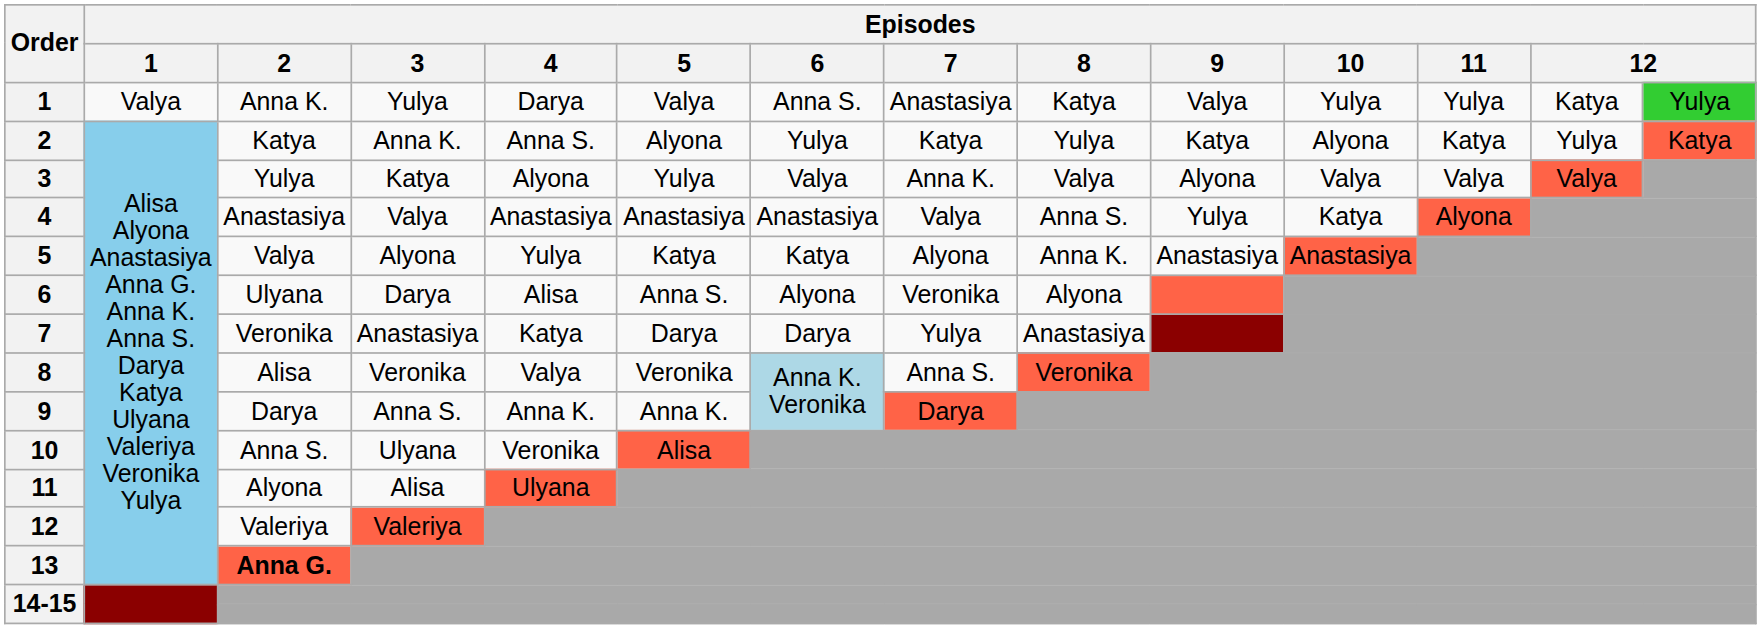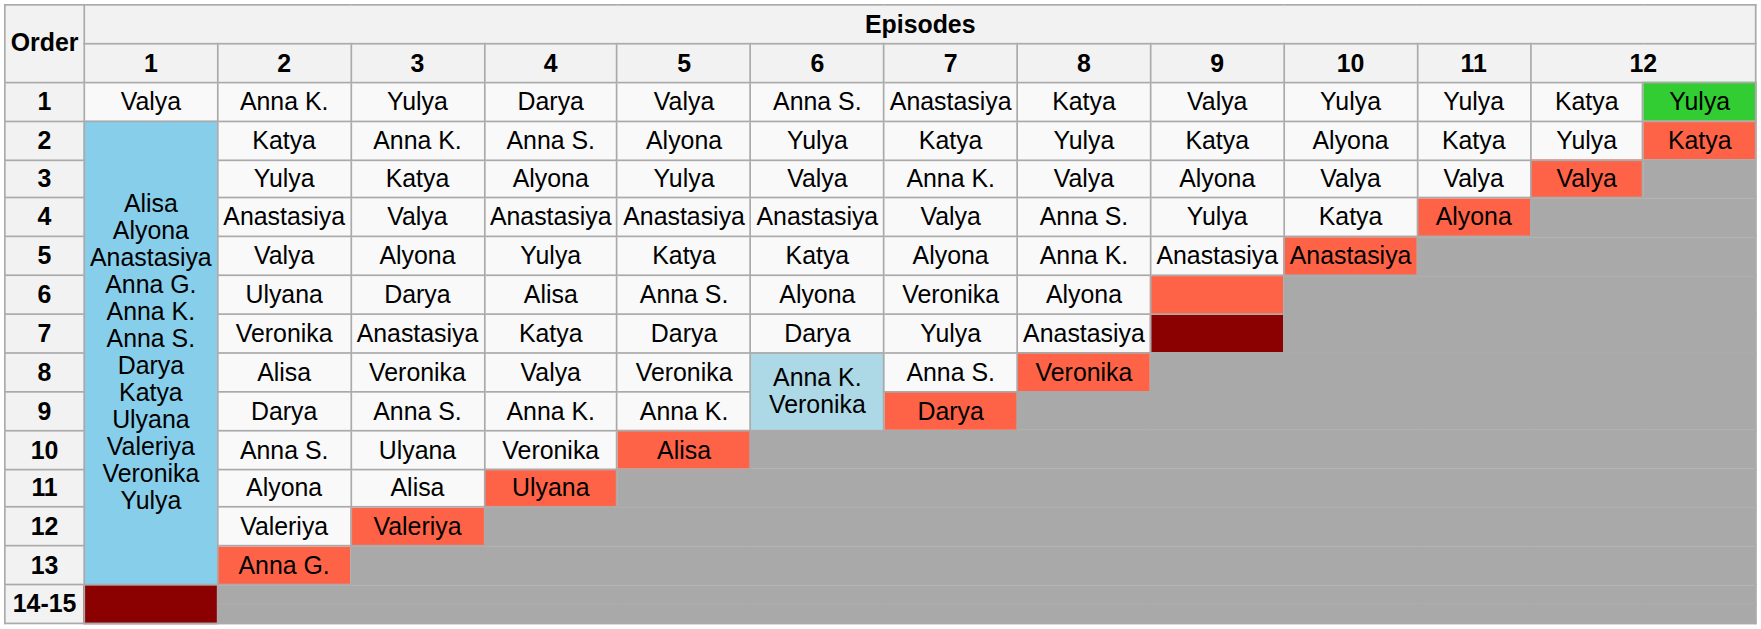 <table class="wikitable" style="text-align:center; font-size:92%">
 <tr>
 <th rowspan=2>Order</th>
 <th colspan=14>Episodes</th>
 </tr>
 <tr>
 <th>1</th>
 <th>2</th>
 <th>3</th>
 <th>4</th>
 <th>5</th>
 <th>6</th>
 <th>7</th>
 <th>8</th>
 <th>9</th>
 <th>10</th>
 <th width="60">11</th>
 <th colspan="2">12</th>
 </tr>
 <tr>
 <th>1</th>
 <td>Valya</td>
 <td>Anna K.</td>
 <td>Yulya</td>
 <td>Darya</td>
 <td>Valya</td>
 <td>Anna S.</td>
 <td>Anastasiya</td>
 <td>Katya</td>
 <td>Valya</td>
 <td>Yulya</td>
 <td>Yulya</td>
 <td>Katya</td>
 <td width="60" bgcolor="limegreen">Yulya</td>
 </tr>
 <tr>
 <th>2</th>
 <td rowspan="12" bgcolor="skyblue">Alisa <br> Alyona <br> Anastasiya <br> Anna G. <br> Anna K. <br> Anna S. <br> Darya <br>Katya <br>Ulyana <br>Valeriya <br> Veronika <br> Yulya</td>
 <td>Katya</td>
 <td>Anna K.</td>
 <td>Anna S.</td>
 <td>Alyona</td>
 <td>Yulya</td>
 <td>Katya</td>
 <td>Yulya</td>
 <td>Katya</td>
 <td>Alyona</td>
 <td>Katya</td>
 <td>Yulya</td>
 <td bgcolor="tomato">Katya</td>
 </tr>
 <tr>
 <th>3</th>
 <td>Yulya</td>
 <td>Katya</td>
 <td>Alyona</td>
 <td>Yulya</td>
 <td>Valya</td>
 <td>Anna K.</td>
 <td>Valya</td>
 <td>Alyona</td>
 <td>Valya</td>
 <td>Valya</td>
 <td width="60" bgcolor="tomato">Valya</td>
 <td style="background:darkgray;" colspan="15"></td>
 </tr>
 <tr>
 <th>4</th>
 <td>Anastasiya</td>
 <td>Valya</td>
 <td>Anastasiya</td>
 <td>Anastasiya</td>
 <td>Anastasiya</td>
 <td>Valya</td>
 <td>Anna S.</td>
 <td>Yulya</td>
 <td>Katya</td>
 <td bgcolor="tomato">Alyona</td>
 <td style="background:darkgray;" colspan="10"></td>
 </tr>
 <tr>
 <th>5</th>
 <td>Valya</td>
 <td>Alyona</td>
 <td>Yulya</td>
 <td>Katya</td>
 <td>Katya</td>
 <td>Alyona</td>
 <td>Anna K.</td>
 <td>Anastasiya</td>
 <td bgcolor="tomato">Anastasiya</td>
 <td style="background:darkgray;" colspan="10"></td>
 </tr>
 <tr>
 <th>6</th>
 <td>Ulyana</td>
 <td>Darya</td>
 <td>Alisa</td>
 <td>Anna S.</td>
 <td>Alyona</td>
 <td>Veronika</td>
 <td>Alyona</td>
 <td bgcolor="tomato"></td>
 <td style="background:darkgray;" colspan="10"></td>
 </tr>
 <tr>
 <th>7</th>
 <td>Veronika</td>
 <td>Anastasiya</td>
 <td>Katya</td>
 <td>Darya</td>
 <td>Darya</td>
 <td>Yulya</td>
 <td>Anastasiya</td>
 <td bgcolor="darkred"></td>
 <td style="background:darkgray;" colspan="10"></td>
 </tr>
 <tr>
 <th>8</th>
 <td>Alisa</td>
 <td>Veronika</td>
 <td>Valya</td>
 <td>Veronika</td>
 <td rowspan="2" bgcolor="lightblue">Anna K.<br>Veronika</td>
 <td>Anna S.</td>
 <td bgcolor="tomato">Veronika</td>
 <td style="background:darkgray;" colspan="10"></td>
 </tr>
 <tr>
 <th>9</th>
 <td>Darya</td>
 <td>Anna S.</td>
 <td>Anna K.</td>
 <td>Anna K.</td>
 <td bgcolor="tomato">Darya</td>
 <td style="background:darkgray;" colspan="7"></td>
 </tr>
 <tr>
 <th>10</th>
 <td>Anna S.</td>
 <td>Ulyana</td>
 <td>Veronika</td>
 <td bgcolor="tomato">Alisa</td>
 <td style="background:darkgray;" colspan="10"></td>
 </tr>
 <tr>
 <th>11</th>
 <td>Alyona</td>
 <td>Alisa</td>
 <td bgcolor="tomato">Ulyana</td>
 <td style="background:darkgray;" colspan="10"></td>
 </tr>
 <tr>
 <th>12</th>
 <td>Valeriya</td>
 <td bgcolor="tomato">Valeriya</td>
 <td style="background:darkgray;" colspan="11"></td>
 </tr>
 <tr>
 <th>13</th>
-<td bgcolor="tomato"><strong>Anna G.</strong></td>
+<td bgcolor="tomato">Anna G.</td>
 <td style="background:darkgray;" colspan="12"></td>
 </tr>
 <tr>
 <th rowspan="2">14-15</th>
 <td bgcolor="darkred" rowspan="2"></td>
 <td style="background:darkgray;" colspan="13"></td>
 </tr>
 <tr>
 <td style="background:darkgray;" colspan="13"></td>
 </tr>
 </table>
